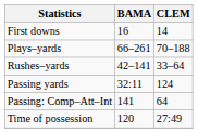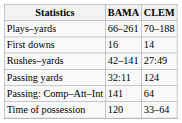 <table class="wikitable">
 <tr>
 <th>Statistics</th>
 <th>BAMA</th>
 <th>CLEM</th>
 </tr>
 <tr>
+<td>Plays–yards</td>
+<td>66–261</td>
+<td>70–188</td>
+</tr>
+<tr>
 <td>First downs</td>
 <td>16</td>
 <td>14</td>
 </tr>
 <tr>
-<td>Plays–yards</td>
-<td>66–261</td>
-<td>70–188</td>
-</tr>
-<tr>
 <td>Rushes–yards</td>
 <td>42–141</td>
-<td>33–64</td>
+<td>27:49</td>
 </tr>
 <tr>
 <td>Passing yards</td>
 <td>32:11</td>
 <td>124</td>
 </tr>
 <tr>
 <td>Passing: Comp–Att–Int</td>
 <td>141</td>
 <td>64</td>
 </tr>
 <tr>
 <td>Time of possession</td>
 <td>120</td>
-<td>27:49</td>
+<td>33–64</td>
 </tr>
 <tr>
 </tr>
 </table>
